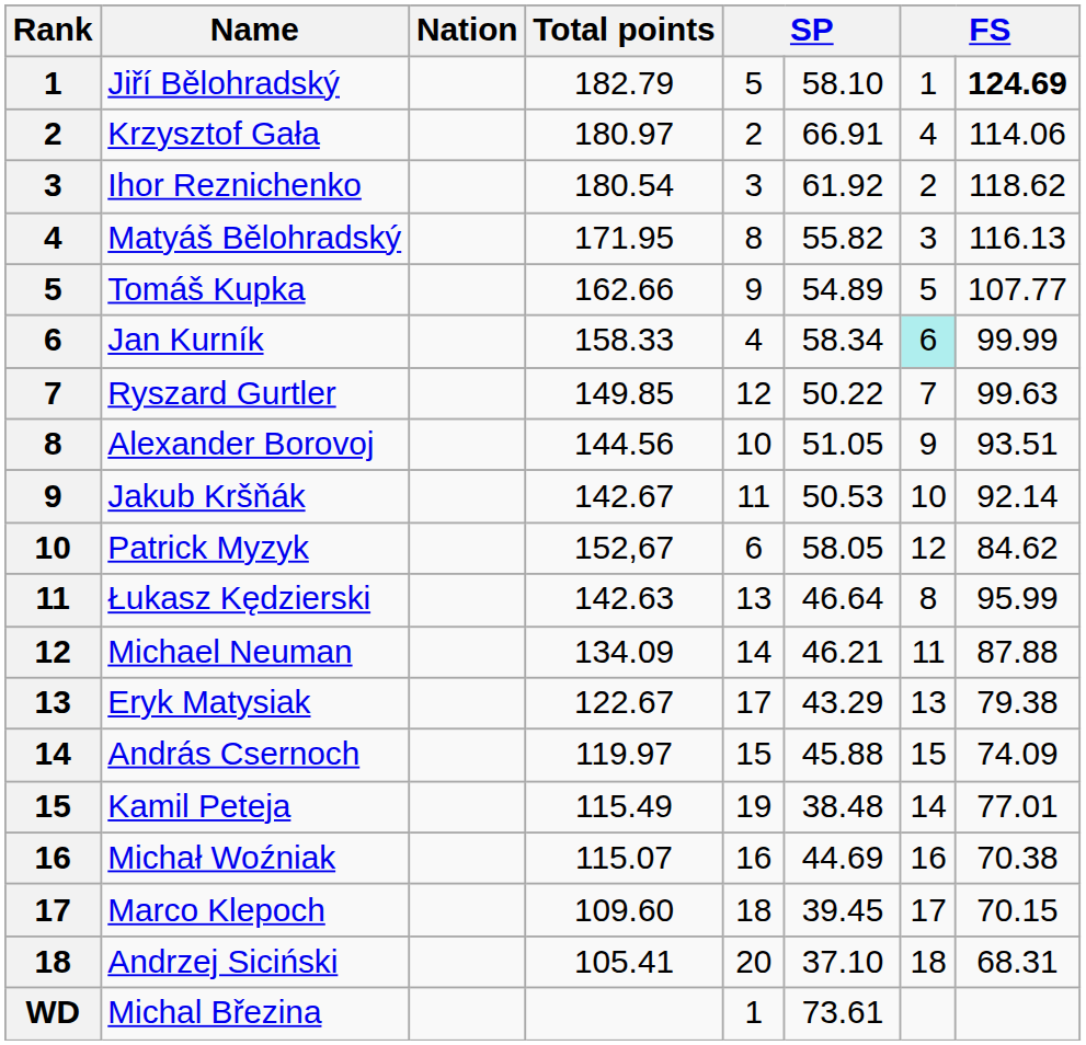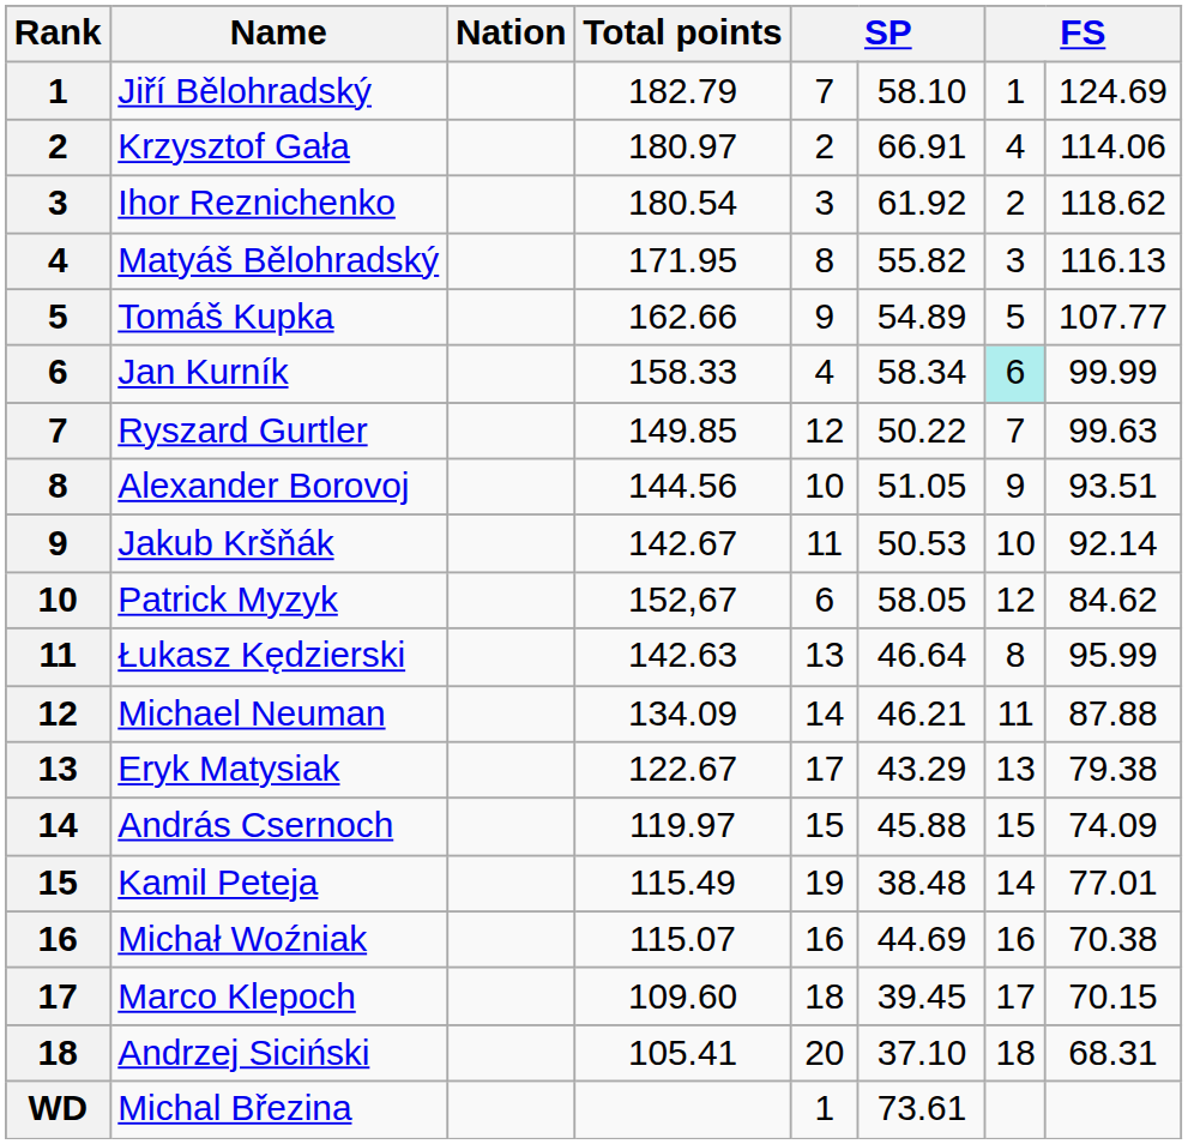 <table class="wikitable sortable">
 <tr>
 <th>Rank</th>
 <th>Name</th>
 <th>Nation</th>
 <th>Total points</th>
 <th colspan=2 width=80px><a href='#'>SP</a></th>
 <th colspan=2 width=80px><a href='#'>FS</a></th>
 </tr>
 <tr>
 <th>1</th>
 <td><a href='#'>Jiří Bělohradský</a></td>
 <td></td>
 <td align=center>182.79</td>
-<td align=center>5</td>
+<td align=center>7</td>
 <td align=center>58.10</td>
 <td align=center>1</td>
-<td align=center><strong>124.69</strong></td>
+<td align=center>124.69</td>
 </tr>
 <tr>
 <th>2</th>
 <td><a href='#'>Krzysztof Gała</a></td>
 <td></td>
 <td align=center>180.97</td>
 <td align=center>2</td>
 <td align=center>66.91</td>
 <td align=center>4</td>
 <td align=center>114.06</td>
 </tr>
 <tr>
 <th>3</th>
 <td><a href='#'>Ihor Reznichenko</a></td>
 <td></td>
 <td align=center>180.54</td>
 <td align=center>3</td>
 <td align=center>61.92</td>
 <td align=center>2</td>
 <td align=center>118.62</td>
 </tr>
 <tr>
 <th>4</th>
 <td><a href='#'>Matyáš Bělohradský</a></td>
 <td></td>
 <td align=center>171.95</td>
 <td align=center>8</td>
 <td align=center>55.82</td>
 <td align=center>3</td>
 <td align=center>116.13</td>
 </tr>
 <tr>
 <th>5</th>
 <td><a href='#'>Tomáš Kupka</a></td>
 <td></td>
 <td align=center>162.66</td>
 <td align=center>9</td>
 <td align=center>54.89</td>
 <td align=center>5</td>
 <td align=center>107.77</td>
 </tr>
 <tr>
 <th>6</th>
 <td><a href='#'>Jan Kurník</a></td>
 <td></td>
 <td align=center>158.33</td>
 <td align=center>4</td>
 <td align=center>58.34</td>
 <td align=center style="background: paleturquoise;">6</td>
 <td align=center>99.99</td>
 </tr>
 <tr>
 <th>7</th>
 <td><a href='#'>Ryszard Gurtler</a></td>
 <td></td>
 <td align=center>149.85</td>
 <td align=center>12</td>
 <td align=center>50.22</td>
 <td align=center>7</td>
 <td align=center>99.63</td>
 </tr>
 <tr>
 <th>8</th>
 <td><a href='#'>Alexander Borovoj</a></td>
 <td></td>
 <td align=center>144.56</td>
 <td align=center>10</td>
 <td align=center>51.05</td>
 <td align=center>9</td>
 <td align=center>93.51</td>
 </tr>
 <tr>
 <th>9</th>
 <td><a href='#'>Jakub Kršňák</a></td>
 <td></td>
 <td align=center>142.67</td>
 <td align=center>11</td>
 <td align=center>50.53</td>
 <td align=center>10</td>
 <td align=center>92.14</td>
 </tr>
 <tr>
 <th>10</th>
 <td><a href='#'>Patrick Myzyk</a></td>
 <td></td>
 <td align=center>152,67</td>
 <td align=center>6</td>
 <td align=center>58.05</td>
 <td align=center>12</td>
 <td align=center>84.62</td>
 </tr>
 <tr>
 <th>11</th>
 <td><a href='#'>Łukasz Kędzierski</a></td>
 <td></td>
 <td align=center>142.63</td>
 <td align=center>13</td>
 <td align=center>46.64</td>
 <td align=center>8</td>
 <td align=center>95.99</td>
 </tr>
 <tr>
 <th>12</th>
 <td><a href='#'>Michael Neuman</a></td>
 <td></td>
 <td align=center>134.09</td>
 <td align=center>14</td>
 <td align=center>46.21</td>
 <td align=center>11</td>
 <td align=center>87.88</td>
 </tr>
 <tr>
 <th>13</th>
 <td><a href='#'>Eryk Matysiak</a></td>
 <td></td>
 <td align=center>122.67</td>
 <td align=center>17</td>
 <td align=center>43.29</td>
 <td align=center>13</td>
 <td align=center>79.38</td>
 </tr>
 <tr>
 <th>14</th>
 <td><a href='#'>András Csernoch</a></td>
 <td></td>
 <td align=center>119.97</td>
 <td align=center>15</td>
 <td align=center>45.88</td>
 <td align=center>15</td>
 <td align=center>74.09</td>
 </tr>
 <tr>
 <th>15</th>
 <td><a href='#'>Kamil Peteja</a></td>
 <td></td>
 <td align=center>115.49</td>
 <td align=center>19</td>
 <td align=center>38.48</td>
 <td align=center>14</td>
 <td align=center>77.01</td>
 </tr>
 <tr>
 <th>16</th>
 <td><a href='#'>Michał Woźniak</a></td>
 <td></td>
 <td align=center>115.07</td>
 <td align=center>16</td>
 <td align=center>44.69</td>
 <td align=center>16</td>
 <td align=center>70.38</td>
 </tr>
 <tr>
 <th>17</th>
 <td><a href='#'>Marco Klepoch</a></td>
 <td></td>
 <td align=center>109.60</td>
 <td align=center>18</td>
 <td align=center>39.45</td>
 <td align=center>17</td>
 <td align=center>70.15</td>
 </tr>
 <tr>
 <th>18</th>
 <td><a href='#'>Andrzej Siciński</a></td>
 <td></td>
 <td align=center>105.41</td>
 <td align=center>20</td>
 <td align=center>37.10</td>
 <td align=center>18</td>
 <td align=center>68.31</td>
 </tr>
 <tr>
 <th>WD</th>
 <td><a href='#'>Michal Březina</a></td>
 <td></td>
 <td></td>
 <td align=center>1</td>
 <td align=center>73.61</td>
 <td></td>
 <td></td>
 </tr>
 </table>
